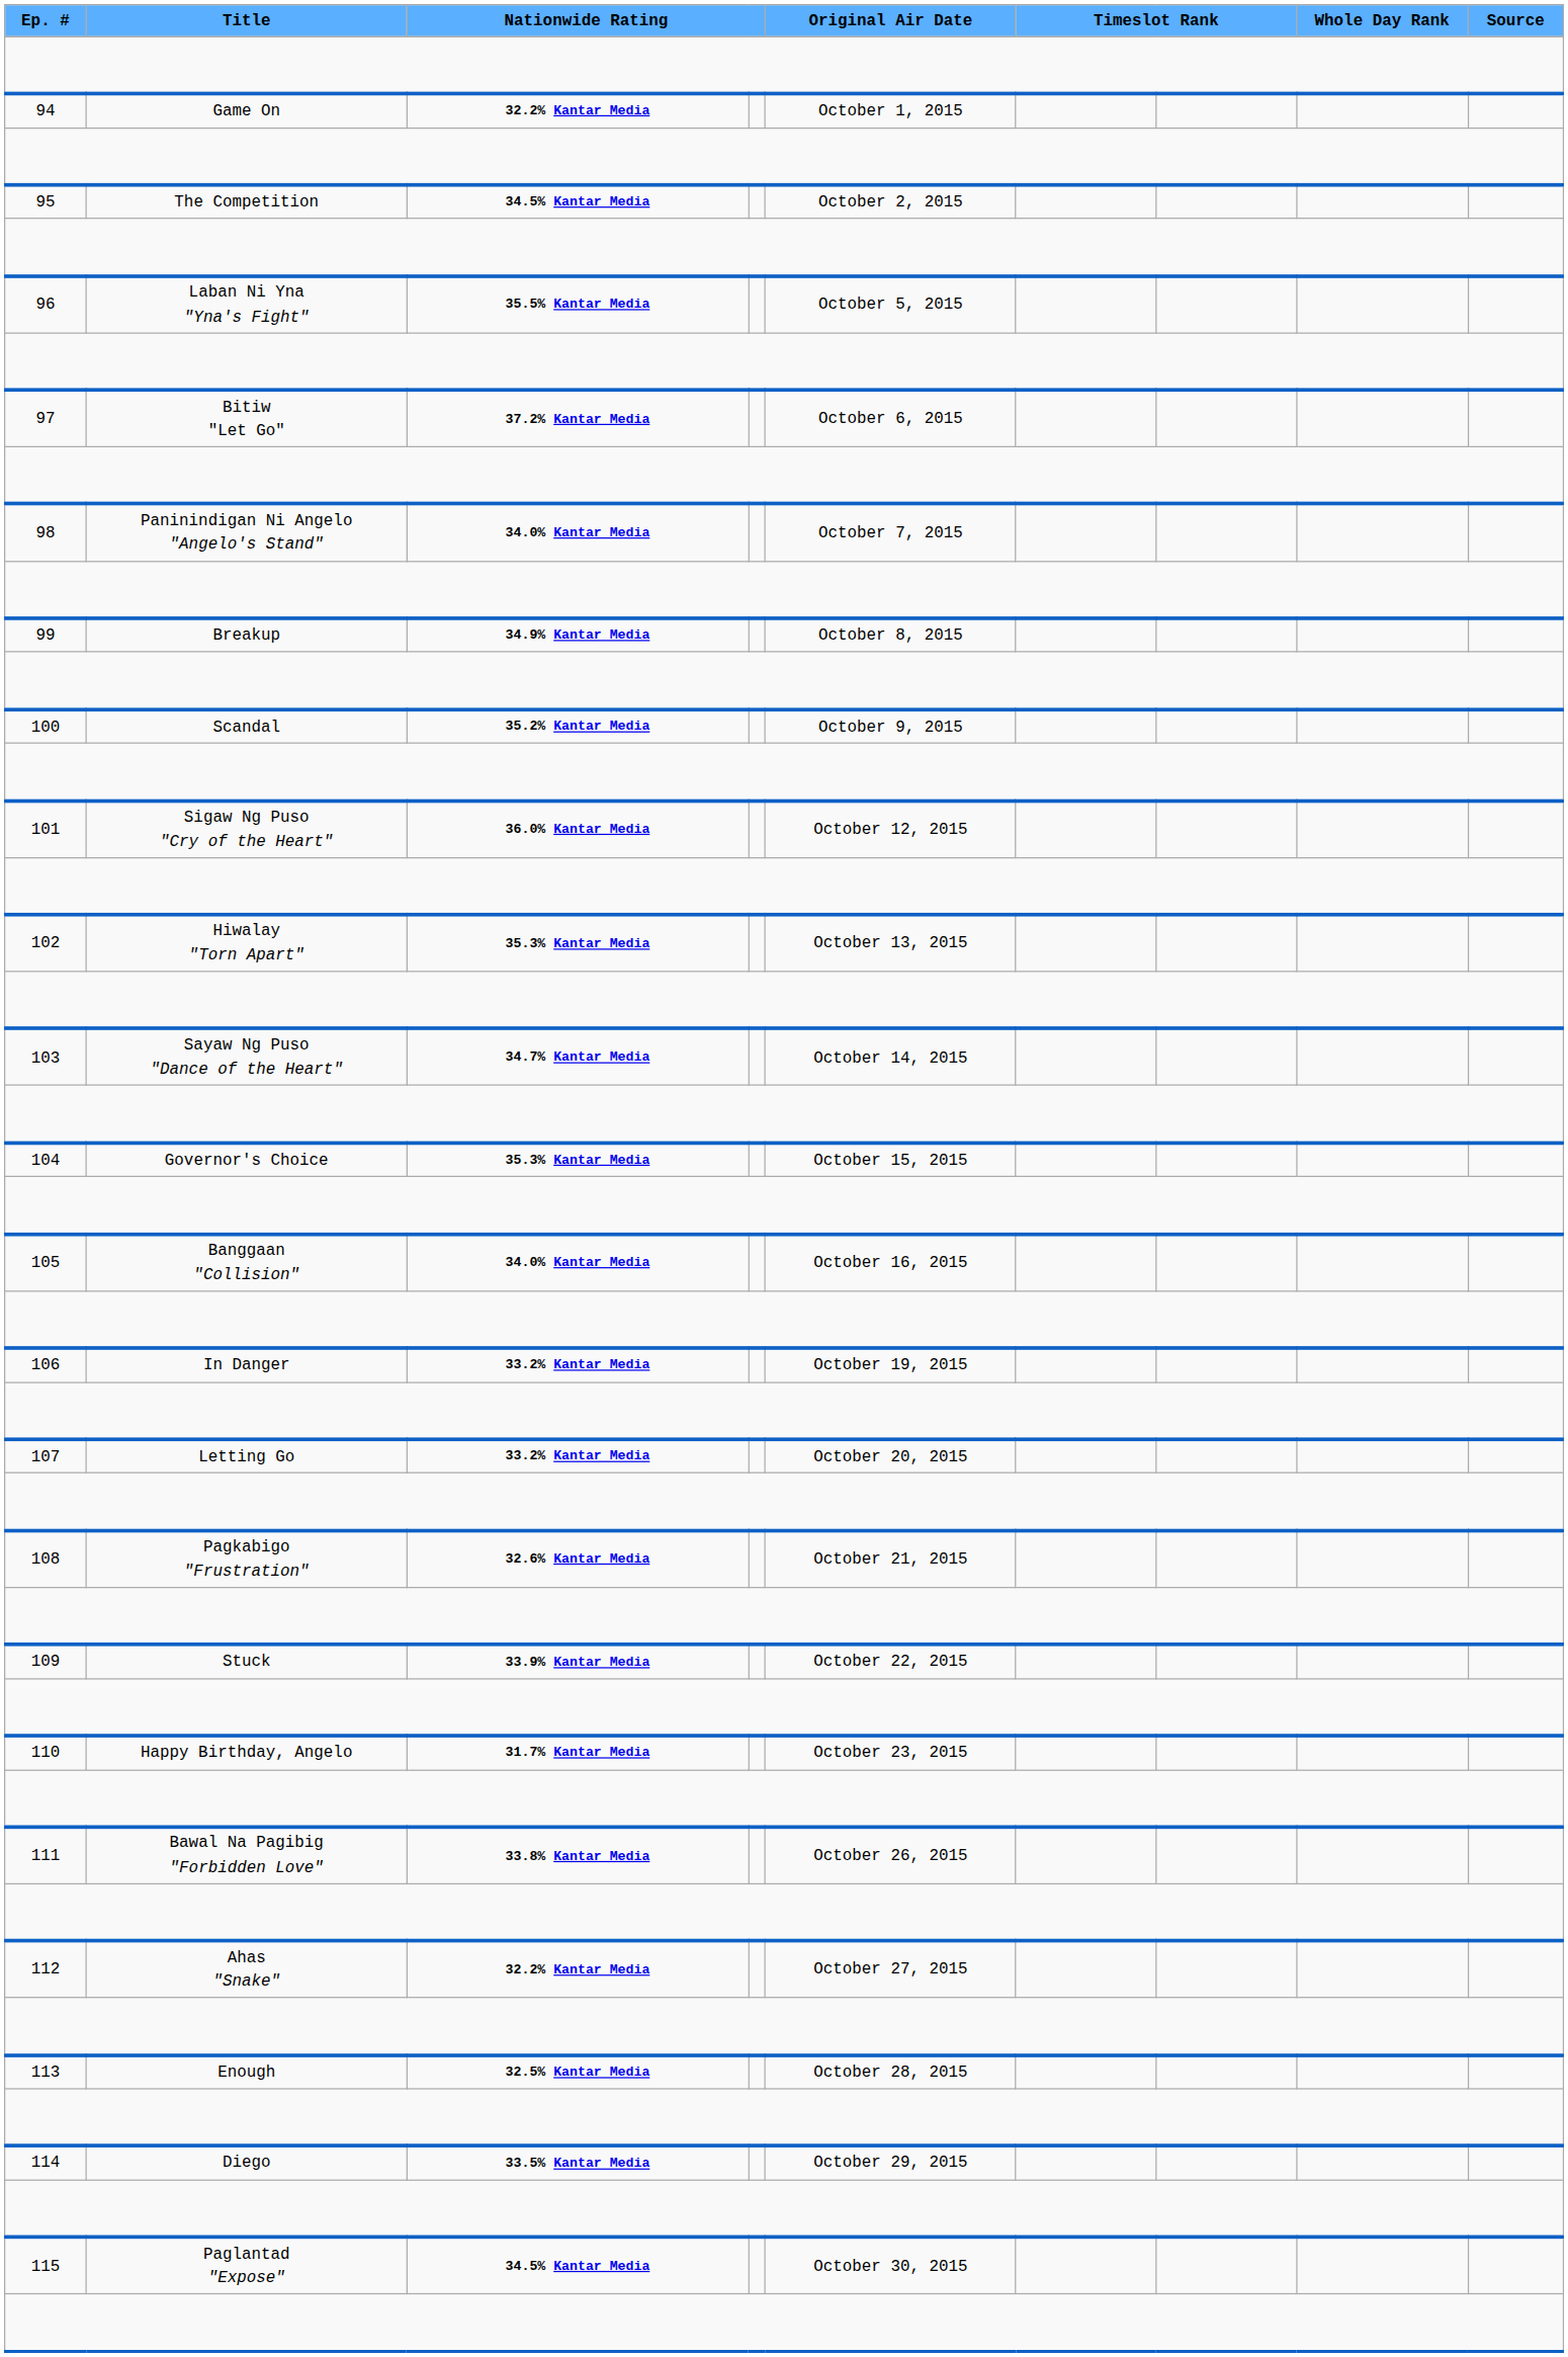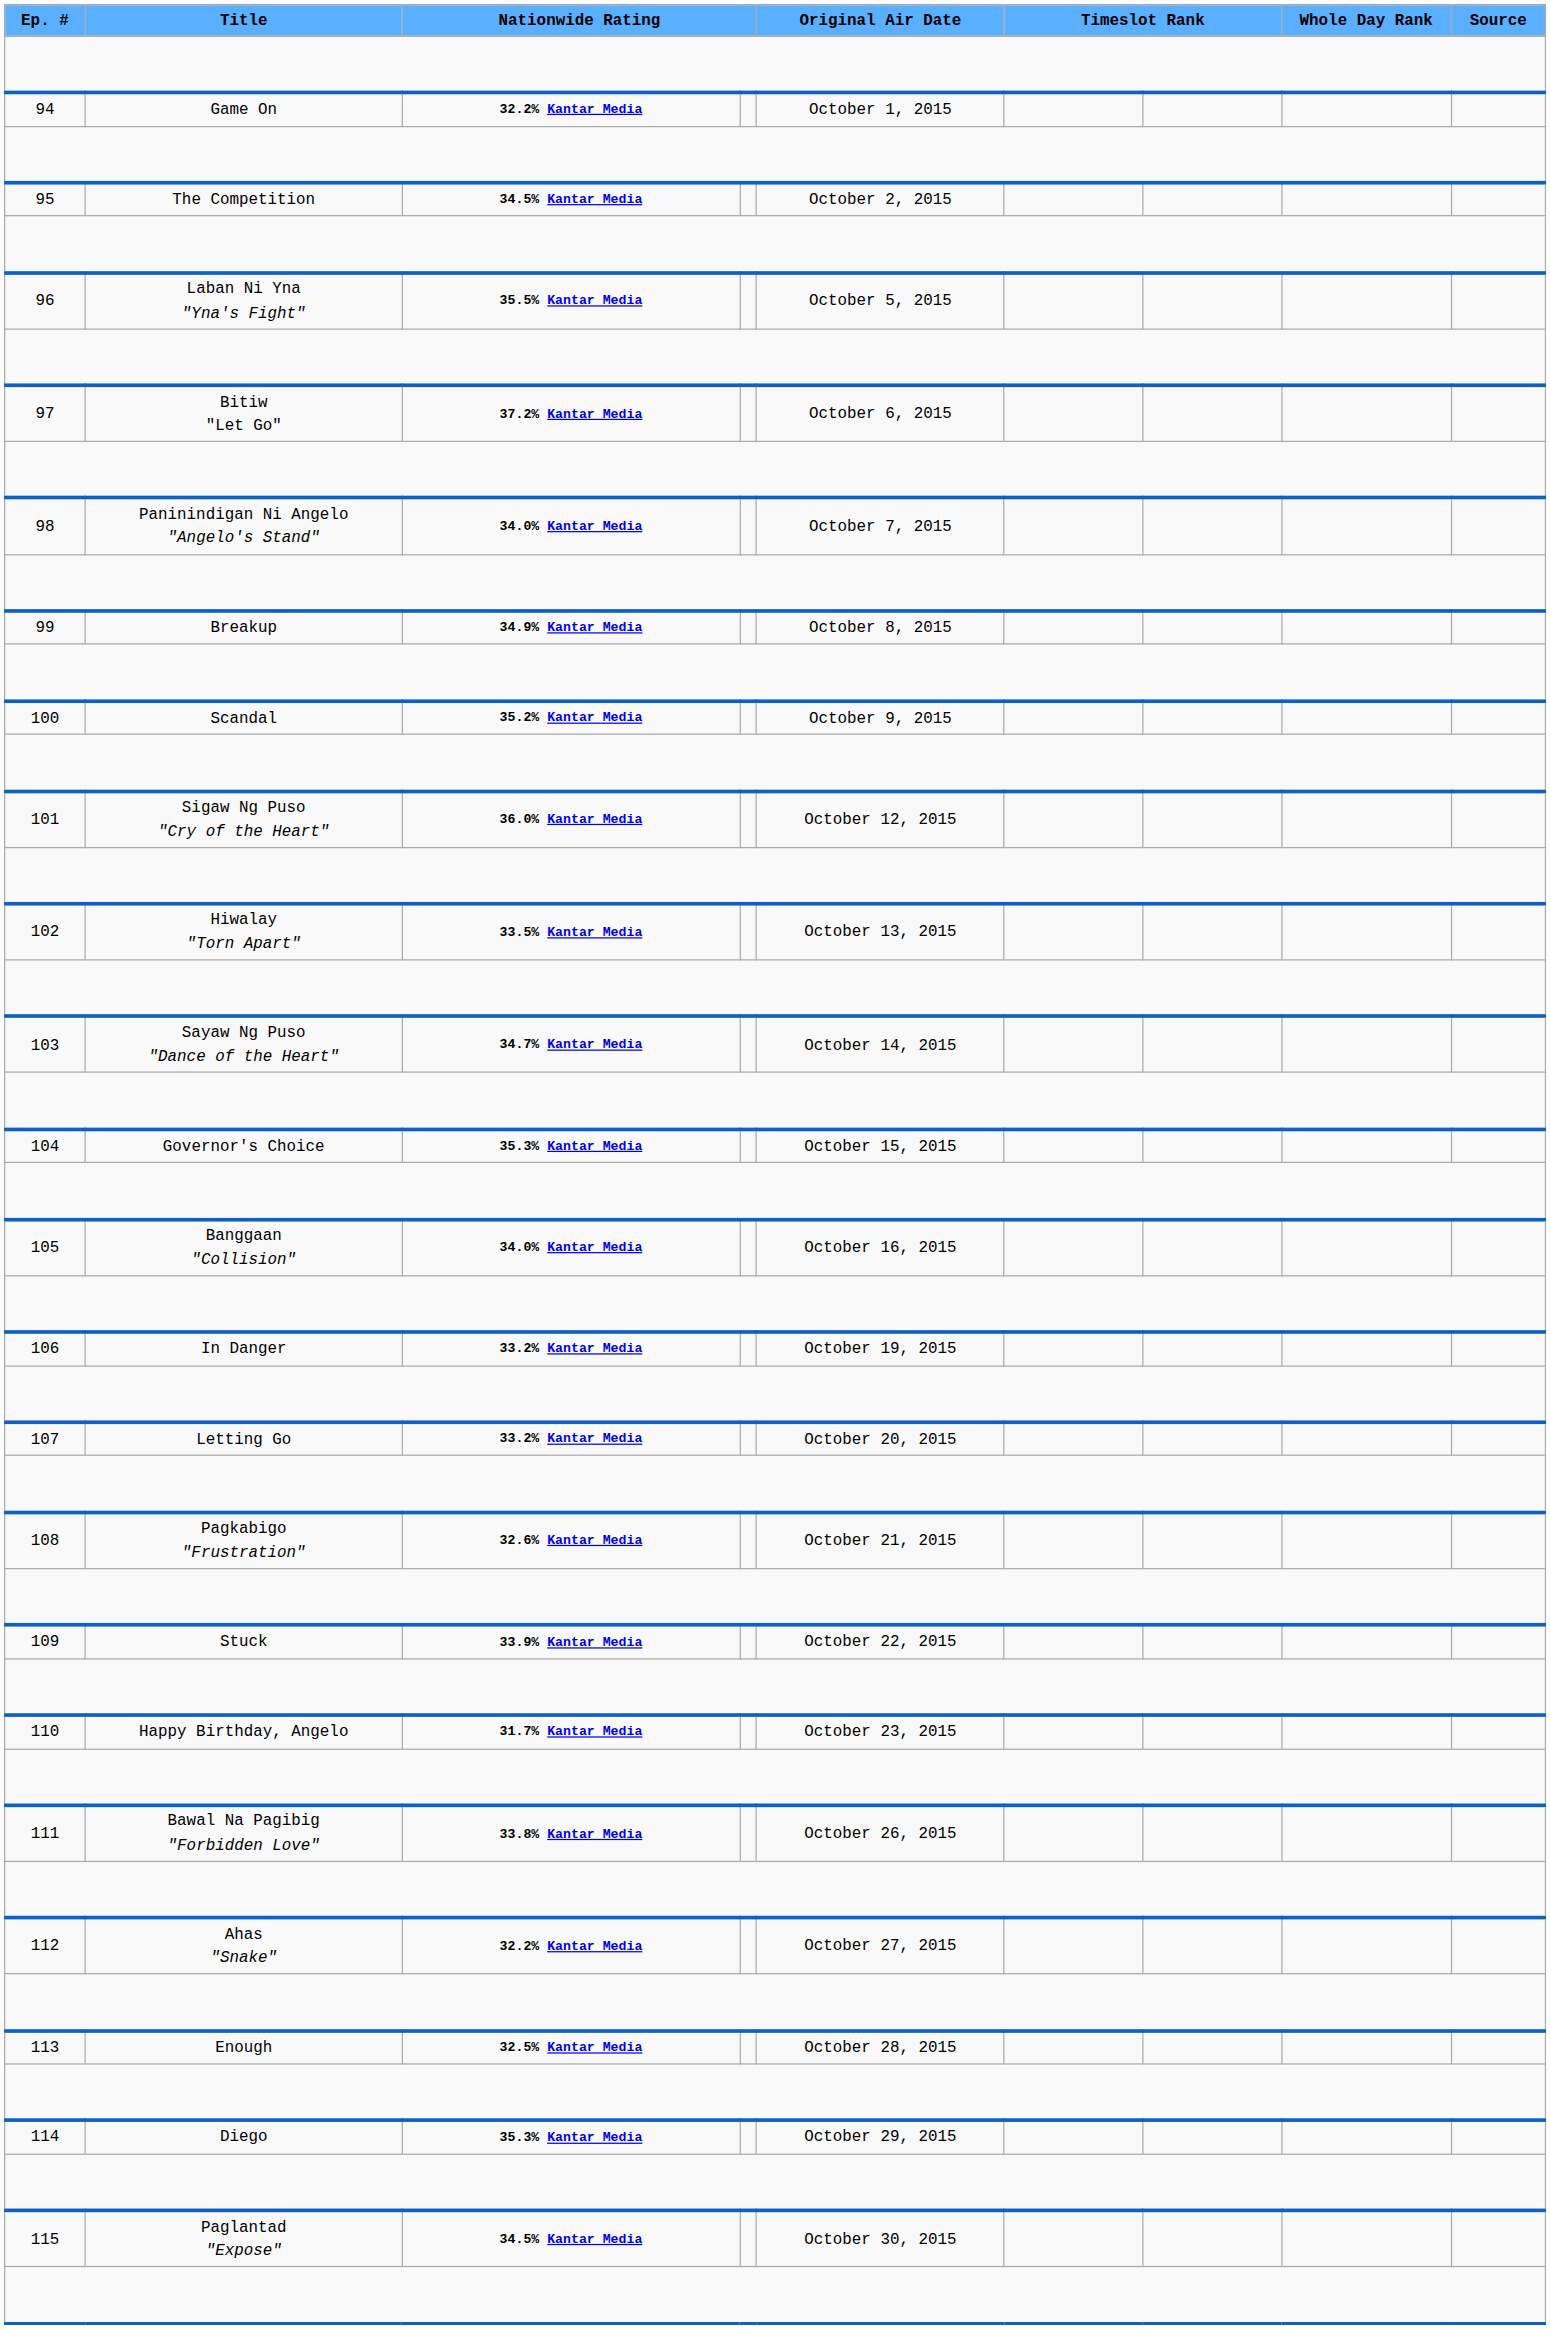 <table class="wikitable" style="text-align: center; background:#f9f9f9; line-height:16px; line-height:150%" width="100%">
 <tr style="color:black;">
 <th style="background:#5AAFFF;">Ep. #</th>
 <th style="background:#5AAFFF;">Title</th>
 <th style="background:#5AAFFF;" colspan="2" width="23%">Nationwide Rating</th>
 <th style="background:#5AAFFF;">Original Air Date</th>
 <th style="background:#5AAFFF;" colspan="2" width="18%">Timeslot Rank</th>
 <th style="background:#5AAFFF;" width="11%">Whole Day Rank</th>
 <th style="background:#5AAFFF;">Source</th>
 </tr>
 <tr style="text-align: center">
 </tr>
 <tr style="text-align: center">
 <td colspan = "10" style="text-align: left; border-bottom: 3px solid #0e60c5;"><br><br></td>
 </tr>
 <tr style="text-align: center">
 <td>94</td>
 <td>Game On</td>
 <td><small><strong>32.2% <a href='#'>Kantar Media</a></strong></small></td>
 <td></td>
 <td>October 1, 2015</td>
 <td></td>
 <td></td>
 <td></td>
 </tr>
 <tr style="text-align: center">
 <td colspan = "10" style="text-align: left; border-bottom: 3px solid #0e60c5;"><br><br></td>
 </tr>
 <tr style="text-align: center">
 <td>95</td>
 <td>The Competition</td>
 <td><small><strong>34.5% <a href='#'>Kantar Media</a></strong></small></td>
 <td></td>
 <td>October 2, 2015</td>
 <td></td>
 <td></td>
 <td></td>
 </tr>
 <tr style="text-align: center">
 <td colspan = "10" style="text-align: left; border-bottom: 3px solid #0e60c5;"><br><br></td>
 </tr>
 <tr style="text-align: center">
 <td>96</td>
 <td>Laban Ni Yna <br> <em>"Yna's Fight"</em></td>
 <td><small><strong>35.5% <a href='#'>Kantar Media</a></strong></small></td>
 <td></td>
 <td>October 5, 2015</td>
 <td></td>
 <td></td>
 <td></td>
 </tr>
 <tr style="text-align: center">
 <td colspan = "10" style="text-align: left; border-bottom: 3px solid #0e60c5;"><br><br></td>
 </tr>
 <tr style="text-align: center">
 <td>97</td>
 <td>Bitiw <br> "Let Go"</td>
 <td><small><strong>37.2% <a href='#'>Kantar Media</a></strong></small></td>
 <td></td>
 <td>October 6, 2015</td>
 <td></td>
 <td></td>
 <td></td>
 </tr>
 <tr style="text-align: center">
 <td colspan = "10" style="text-align: left; border-bottom: 3px solid #0e60c5;"><br><br></td>
 </tr>
 <tr style="text-align: center">
 <td>98</td>
 <td>Paninindigan Ni Angelo <br> <em>"Angelo's Stand"</em></td>
 <td><small><strong>34.0% <a href='#'>Kantar Media</a></strong></small></td>
 <td></td>
 <td>October 7, 2015</td>
 <td></td>
 <td></td>
 <td></td>
 </tr>
 <tr style="text-align: center">
 <td colspan = "10" style="text-align: left; border-bottom: 3px solid #0e60c5;"><br><br></td>
 </tr>
 <tr style="text-align: center">
 <td>99</td>
 <td>Breakup</td>
 <td><small><strong>34.9% <a href='#'>Kantar Media</a></strong></small></td>
 <td></td>
 <td>October 8, 2015</td>
 <td></td>
 <td></td>
 <td></td>
 </tr>
 <tr style="text-align: center">
 <td colspan = "10" style="text-align: left; border-bottom: 3px solid #0e60c5;"><br><br></td>
 </tr>
 <tr style="text-align: center">
 <td>100</td>
 <td>Scandal</td>
 <td><small><strong>35.2% <a href='#'>Kantar Media</a></strong></small></td>
 <td></td>
 <td>October 9, 2015</td>
 <td></td>
 <td></td>
 <td></td>
 </tr>
 <tr style="text-align: center">
 <td colspan = "10" style="text-align: left; border-bottom: 3px solid #0e60c5;"><br><br></td>
 </tr>
 <tr style="text-align: center">
 <td>101</td>
 <td>Sigaw Ng Puso <br> <em>"Cry of the Heart"</em></td>
 <td><small><strong>36.0% <a href='#'>Kantar Media</a></strong></small></td>
 <td></td>
 <td>October 12, 2015</td>
 <td></td>
 <td></td>
 <td></td>
 </tr>
 <tr style="text-align: center">
 <td colspan = "10" style="text-align: left; border-bottom: 3px solid #0e60c5;"><br><br></td>
 </tr>
 <tr style="text-align: center">
 <td>102</td>
 <td>Hiwalay <br> <em>"Torn Apart"</em></td>
-<td><small><strong>35.3% <a href='#'>Kantar Media</a></strong></small></td>
+<td><small><strong>33.5% <a href='#'>Kantar Media</a></strong></small></td>
 <td></td>
 <td>October 13, 2015</td>
 <td></td>
 <td></td>
 <td></td>
 </tr>
 <tr style="text-align: center">
 <td colspan = "10" style="text-align: left; border-bottom: 3px solid #0e60c5;"><br><br></td>
 </tr>
 <tr style="text-align: center">
 <td>103</td>
 <td>Sayaw Ng Puso <br> <em>"Dance of the Heart"</em></td>
 <td><small><strong>34.7% <a href='#'>Kantar Media</a></strong></small></td>
 <td></td>
 <td>October 14, 2015</td>
 <td></td>
 <td></td>
 <td></td>
 </tr>
 <tr style="text-align: center">
 <td colspan = "10" style="text-align: left; border-bottom: 3px solid #0e60c5;"><br><br></td>
 </tr>
 <tr style="text-align: center">
 <td>104</td>
 <td>Governor's Choice</td>
 <td><small><strong>35.3% <a href='#'>Kantar Media</a></strong></small></td>
 <td></td>
 <td>October 15, 2015</td>
 <td></td>
 <td></td>
 <td></td>
 </tr>
 <tr style="text-align: center">
 <td colspan = "10" style="text-align: left; border-bottom: 3px solid #0e60c5;"><br><br></td>
 </tr>
 <tr style="text-align: center">
 <td>105</td>
 <td>Banggaan <br> <em>"Collision"</em></td>
 <td><small><strong>34.0% <a href='#'>Kantar Media</a></strong></small></td>
 <td></td>
 <td>October 16, 2015</td>
 <td></td>
 <td></td>
 <td></td>
 </tr>
 <tr style="text-align: center">
 <td colspan = "10" style="text-align: left; border-bottom: 3px solid #0e60c5;"><br><br></td>
 </tr>
 <tr style="text-align: center">
 <td>106</td>
 <td>In Danger</td>
 <td><small><strong>33.2% <a href='#'>Kantar Media</a></strong></small></td>
 <td></td>
 <td>October 19, 2015</td>
 <td></td>
 <td></td>
 <td></td>
 </tr>
 <tr style="text-align: center">
 <td colspan = "10" style="text-align: left; border-bottom: 3px solid #0e60c5;"><br><br></td>
 </tr>
 <tr style="text-align: center">
 <td>107</td>
 <td>Letting Go</td>
 <td><small><strong>33.2% <a href='#'>Kantar Media</a></strong></small></td>
 <td></td>
 <td>October 20, 2015</td>
 <td></td>
 <td></td>
 <td></td>
 </tr>
 <tr style="text-align: center">
 <td colspan = "10" style="text-align: left; border-bottom: 3px solid #0e60c5;"><br><br></td>
 </tr>
 <tr style="text-align: center">
 <td>108</td>
 <td>Pagkabigo <br> <em>"Frustration"</em></td>
 <td><small><strong>32.6% <a href='#'>Kantar Media</a></strong></small></td>
 <td></td>
 <td>October 21, 2015</td>
 <td></td>
 <td></td>
 <td></td>
 </tr>
 <tr style="text-align: center">
 <td colspan = "10" style="text-align: left; border-bottom: 3px solid #0e60c5;"><br><br></td>
 </tr>
 <tr style="text-align: center">
 <td>109</td>
 <td>Stuck</td>
 <td><small><strong>33.9% <a href='#'>Kantar Media</a></strong></small></td>
 <td></td>
 <td>October 22, 2015</td>
 <td></td>
 <td></td>
 <td></td>
 </tr>
 <tr style="text-align: center">
 <td colspan = "10" style="text-align: left; border-bottom: 3px solid #0e60c5;"><br><br></td>
 </tr>
 <tr style="text-align: center">
 <td>110</td>
 <td>Happy Birthday, Angelo</td>
 <td><small><strong>31.7% <a href='#'>Kantar Media</a></strong></small></td>
 <td></td>
 <td>October 23, 2015</td>
 <td></td>
 <td></td>
 <td></td>
 </tr>
 <tr style="text-align: center">
 <td colspan = "10" style="text-align: left; border-bottom: 3px solid #0e60c5;"><br><br></td>
 </tr>
 <tr style="text-align: center">
 <td>111</td>
 <td>Bawal Na Pagibig <br> <em>"Forbidden Love"</em></td>
 <td><small><strong>33.8% <a href='#'>Kantar Media</a></strong></small></td>
 <td></td>
 <td>October 26, 2015</td>
 <td></td>
 <td></td>
 <td></td>
 </tr>
 <tr style="text-align: center">
 <td colspan = "10" style="text-align: left; border-bottom: 3px solid #0e60c5;"><br><br></td>
 </tr>
 <tr style="text-align: center">
 <td>112</td>
 <td>Ahas <br> <em>"Snake"</em></td>
 <td><small><strong>32.2% <a href='#'>Kantar Media</a></strong></small></td>
 <td></td>
 <td>October 27, 2015</td>
 <td></td>
 <td></td>
 <td></td>
 </tr>
 <tr style="text-align: center">
 <td colspan = "10" style="text-align: left; border-bottom: 3px solid #0e60c5;"><br><br></td>
 </tr>
 <tr style="text-align: center">
 <td>113</td>
 <td>Enough</td>
 <td><small><strong>32.5% <a href='#'>Kantar Media</a></strong></small></td>
 <td></td>
 <td>October 28, 2015</td>
 <td></td>
 <td></td>
 <td></td>
 </tr>
 <tr style="text-align: center">
 <td colspan = "10" style="text-align: left; border-bottom: 3px solid #0e60c5;"><br><br></td>
 </tr>
 <tr style="text-align: center">
 <td>114</td>
 <td>Diego</td>
-<td><small><strong>33.5% <a href='#'>Kantar Media</a></strong></small></td>
+<td><small><strong>35.3% <a href='#'>Kantar Media</a></strong></small></td>
 <td></td>
 <td>October 29, 2015</td>
 <td></td>
 <td></td>
 <td></td>
 </tr>
 <tr style="text-align: center">
 <td colspan = "10" style="text-align: left; border-bottom: 3px solid #0e60c5;"><br><br></td>
 </tr>
 <tr style="text-align: center">
 <td>115</td>
 <td>Paglantad <br> <em>"Expose"</em></td>
 <td><small><strong>34.5% <a href='#'>Kantar Media</a></strong></small></td>
 <td></td>
 <td>October 30, 2015</td>
 <td></td>
 <td></td>
 <td></td>
 </tr>
 <tr style="text-align: center">
 <td colspan = "10" style="text-align: left; border-bottom: 3px solid #0e60c5;"><br><br></td>
 </tr>
 </table>
